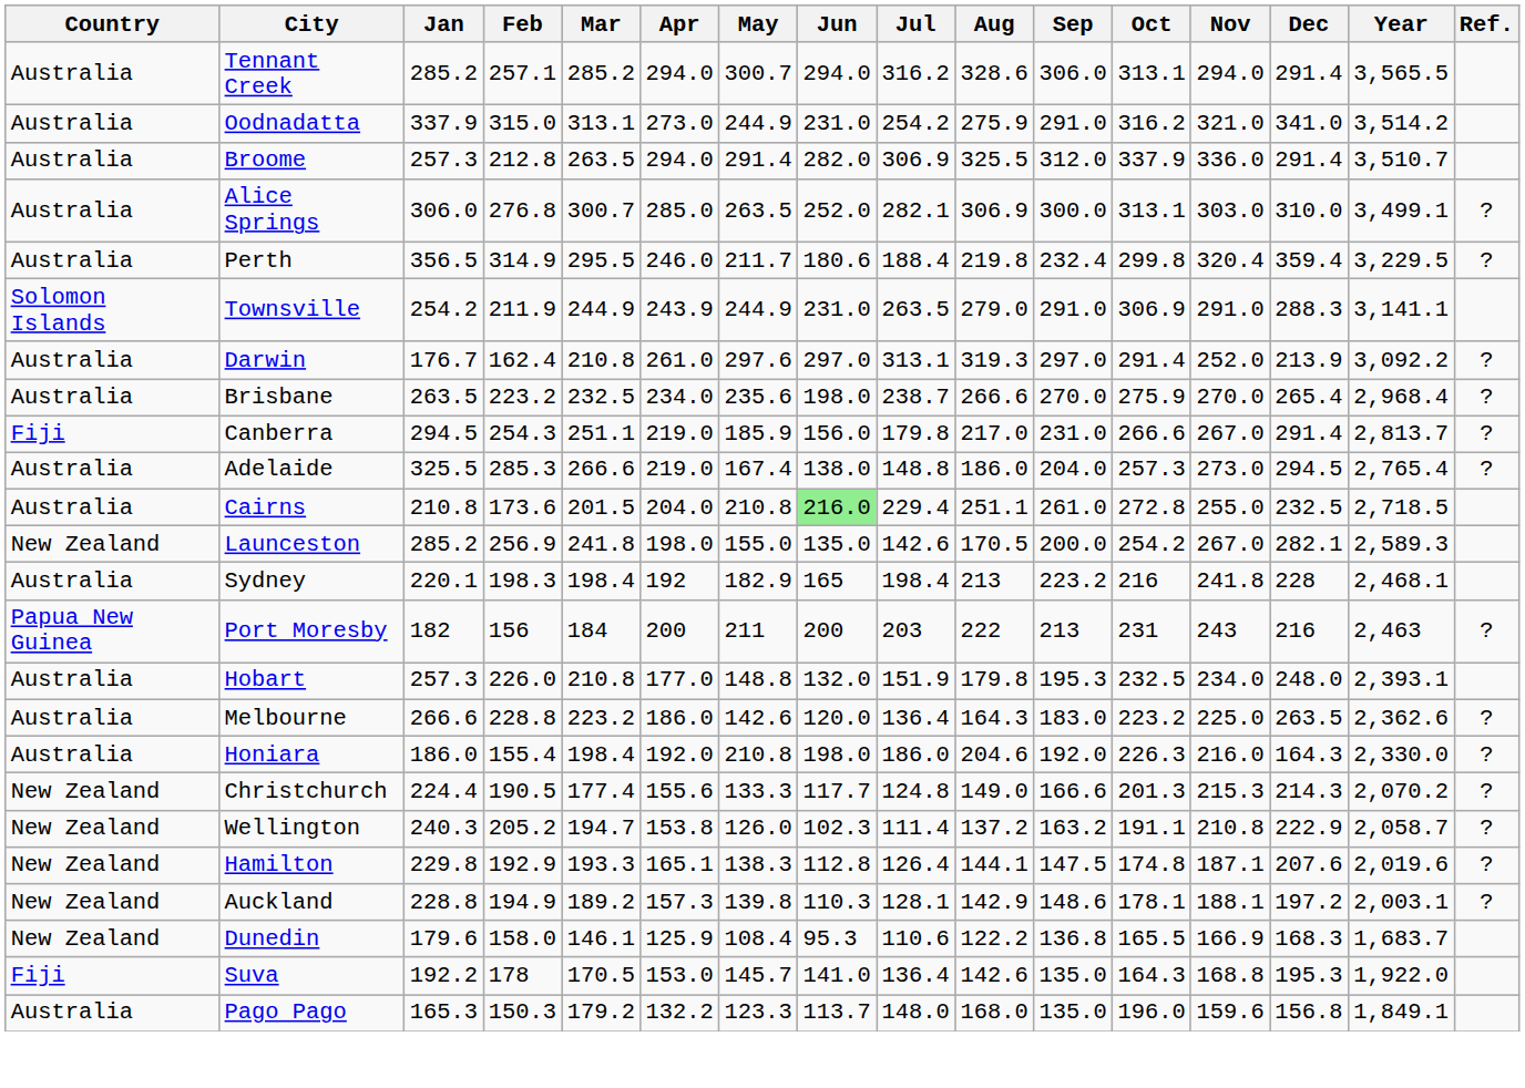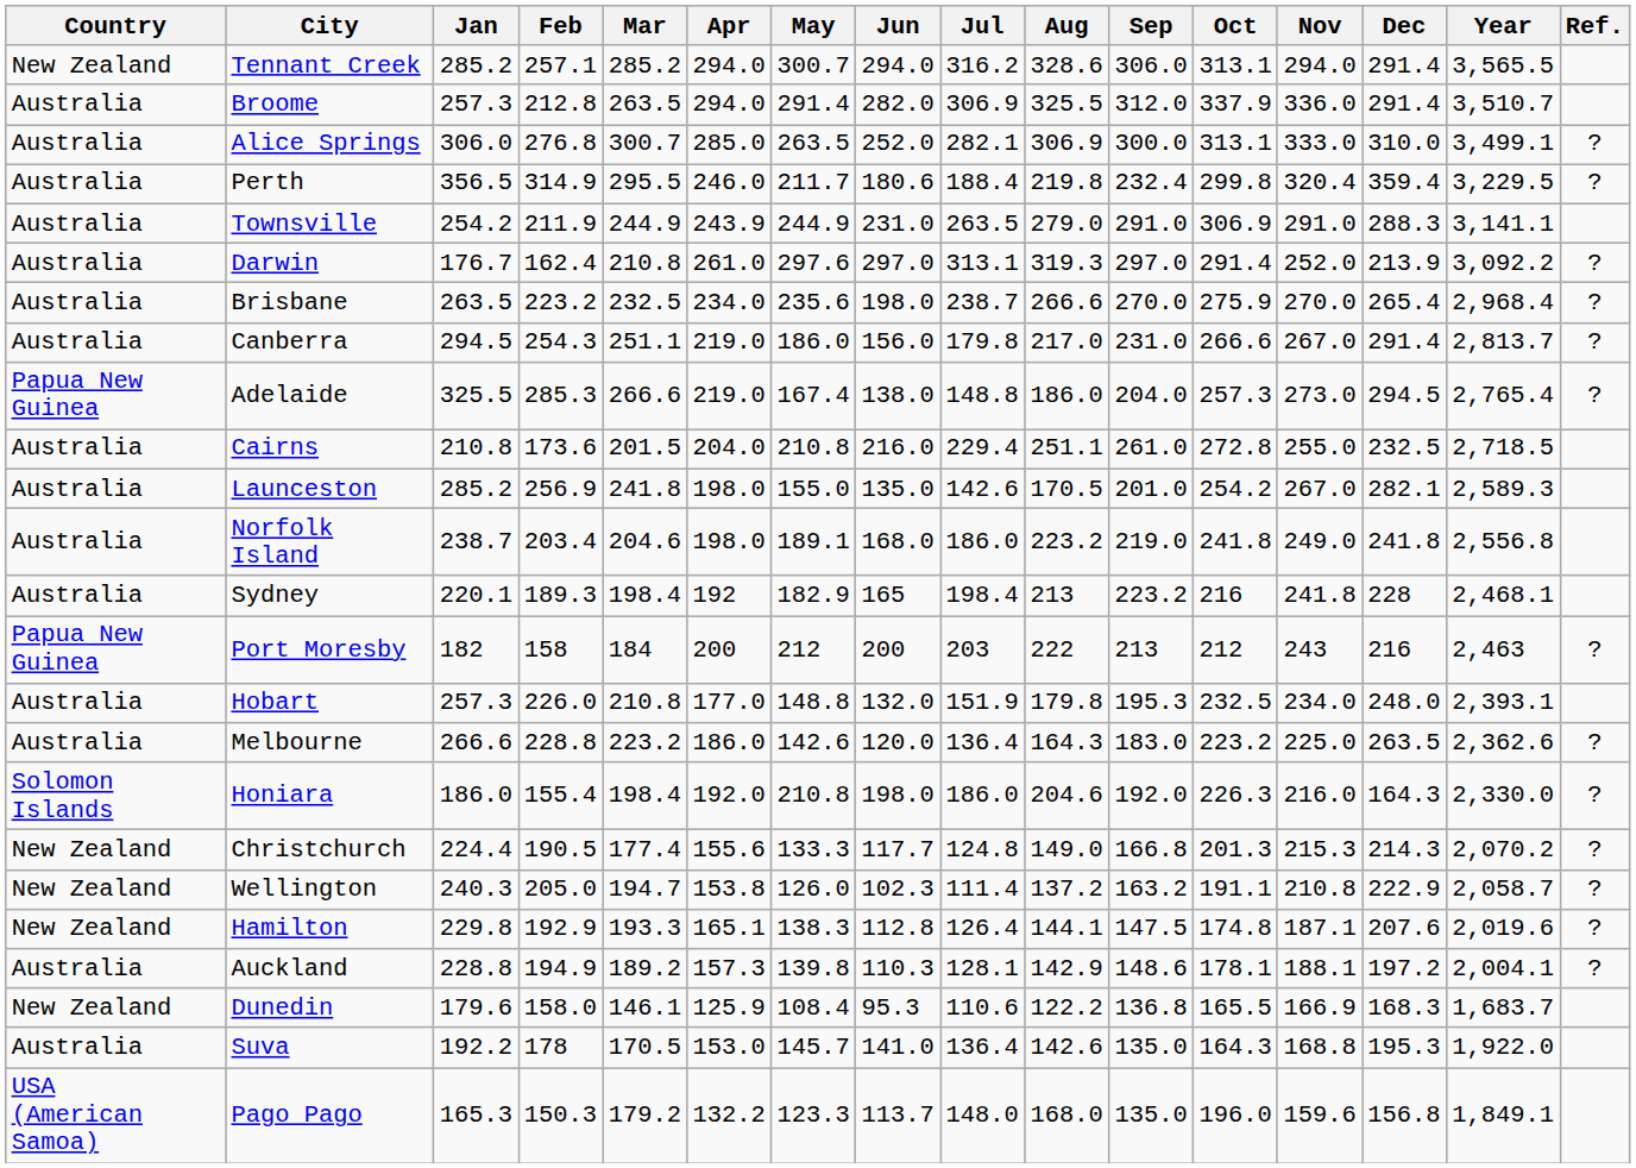 <table class="wikitable sortable sticky-header">
 <tr style="vertical-align:top">
 <th>Country</th>
 <th>City</th>
 <th>Jan</th>
 <th>Feb</th>
 <th>Mar</th>
 <th>Apr</th>
 <th>May</th>
 <th>Jun</th>
 <th>Jul</th>
 <th>Aug</th>
 <th>Sep</th>
 <th>Oct</th>
 <th>Nov</th>
 <th>Dec</th>
 <th>Year</th>
 <th>Ref.</th>
 </tr>
 <tr>
-<td style="text-align:left;">Australia</td>
+<td style="text-align:left;">New Zealand</td>
 <td style="text-align:left;"><a href='#'>Tennant Creek</a></td>
 <td>285.2</td>
 <td>257.1</td>
 <td>285.2</td>
 <td>294.0</td>
 <td>300.7</td>
 <td>294.0</td>
 <td>316.2</td>
 <td>328.6</td>
 <td>306.0</td>
 <td>313.1</td>
 <td>294.0</td>
 <td>291.4</td>
 <td>3,565.5</td>
-<td style="text-align:center;"></td>
-</tr>
-<tr>
-<td style="text-align:left;">Australia</td>
-<td style="text-align:left;"><a href='#'>Oodnadatta</a></td>
-<td>337.9</td>
-<td>315.0</td>
-<td>313.1</td>
-<td>273.0</td>
-<td>244.9</td>
-<td>231.0</td>
-<td>254.2</td>
-<td>275.9</td>
-<td>291.0</td>
-<td>316.2</td>
-<td>321.0</td>
-<td>341.0</td>
-<td>3,514.2</td>
 <td style="text-align:center;"></td>
 </tr>
 <tr>
 <td style="text-align:left;">Australia</td>
 <td style="text-align:left;"><a href='#'>Broome</a></td>
 <td>257.3</td>
 <td>212.8</td>
 <td>263.5</td>
 <td>294.0</td>
 <td>291.4</td>
 <td>282.0</td>
 <td>306.9</td>
 <td>325.5</td>
 <td>312.0</td>
 <td>337.9</td>
 <td>336.0</td>
 <td>291.4</td>
 <td>3,510.7</td>
 <td style="text-align:center;"></td>
 </tr>
 <tr>
 <td style="text-align:left;">Australia</td>
 <td style="text-align:left;"><a href='#'>Alice Springs</a></td>
 <td>306.0</td>
 <td>276.8</td>
 <td>300.7</td>
 <td>285.0</td>
 <td>263.5</td>
 <td>252.0</td>
 <td>282.1</td>
 <td>306.9</td>
 <td>300.0</td>
 <td>313.1</td>
-<td>303.0</td>
+<td>333.0</td>
 <td>310.0</td>
 <td>3,499.1</td>
 <td style="text-align:center;">?</td>
 </tr>
 <tr>
 <td style="text-align:left;">Australia</td>
 <td style="text-align:left;">Perth</td>
 <td>356.5</td>
 <td>314.9</td>
 <td>295.5</td>
 <td>246.0</td>
 <td>211.7</td>
 <td>180.6</td>
 <td>188.4</td>
 <td>219.8</td>
 <td>232.4</td>
 <td>299.8</td>
 <td>320.4</td>
 <td>359.4</td>
 <td>3,229.5</td>
 <td style="text-align:center;">?</td>
 </tr>
 <tr>
-<td style="text-align:left;"><a href='#'>Solomon Islands</a></td>
+<td style="text-align:left;">Australia</td>
 <td style="text-align:left;"><a href='#'>Townsville</a></td>
 <td>254.2</td>
 <td>211.9</td>
 <td>244.9</td>
 <td>243.9</td>
 <td>244.9</td>
 <td>231.0</td>
 <td>263.5</td>
 <td>279.0</td>
 <td>291.0</td>
 <td>306.9</td>
 <td>291.0</td>
 <td>288.3</td>
 <td>3,141.1</td>
 <td style="text-align:center;"></td>
 </tr>
 <tr>
 <td style="text-align:left;">Australia</td>
 <td style="text-align:left;"><a href='#'>Darwin</a></td>
 <td>176.7</td>
 <td>162.4</td>
 <td>210.8</td>
 <td>261.0</td>
 <td>297.6</td>
 <td>297.0</td>
 <td>313.1</td>
 <td>319.3</td>
 <td>297.0</td>
 <td>291.4</td>
 <td>252.0</td>
 <td>213.9</td>
 <td>3,092.2</td>
 <td style="text-align:center;">?</td>
 </tr>
 <tr>
 <td style="text-align:left;">Australia</td>
 <td style="text-align:left;">Brisbane</td>
 <td>263.5</td>
 <td>223.2</td>
 <td>232.5</td>
 <td>234.0</td>
 <td>235.6</td>
 <td>198.0</td>
 <td>238.7</td>
 <td>266.6</td>
 <td>270.0</td>
 <td>275.9</td>
 <td>270.0</td>
 <td>265.4</td>
 <td>2,968.4</td>
 <td style="text-align:center;">?</td>
 </tr>
 <tr>
-<td style="text-align:left;"><a href='#'>Fiji</a></td>
+<td style="text-align:left;">Australia</td>
 <td style="text-align:left;">Canberra</td>
 <td>294.5</td>
 <td>254.3</td>
 <td>251.1</td>
 <td>219.0</td>
-<td>185.9</td>
+<td>186.0</td>
 <td>156.0</td>
 <td>179.8</td>
 <td>217.0</td>
 <td>231.0</td>
 <td>266.6</td>
 <td>267.0</td>
 <td>291.4</td>
 <td>2,813.7</td>
 <td style="text-align:center;">?</td>
 </tr>
 <tr>
-<td style="text-align:left;">Australia</td>
+<td style="text-align:left;"><a href='#'>Papua New Guinea</a></td>
 <td style="text-align:left;">Adelaide</td>
 <td>325.5</td>
 <td>285.3</td>
 <td>266.6</td>
 <td>219.0</td>
 <td>167.4</td>
 <td>138.0</td>
 <td>148.8</td>
 <td>186.0</td>
 <td>204.0</td>
 <td>257.3</td>
 <td>273.0</td>
 <td>294.5</td>
 <td>2,765.4</td>
 <td style="text-align:center;">?</td>
 </tr>
 <tr>
 <td style="text-align:left;">Australia</td>
 <td style="text-align:left;"><a href='#'>Cairns</a></td>
 <td>210.8</td>
 <td>173.6</td>
 <td>201.5</td>
 <td>204.0</td>
 <td>210.8</td>
-<td style="background: lightgreen;">216.0</td>
+<td>216.0</td>
 <td>229.4</td>
 <td>251.1</td>
 <td>261.0</td>
 <td>272.8</td>
 <td>255.0</td>
 <td>232.5</td>
 <td>2,718.5</td>
 <td style="text-align:center;"></td>
 </tr>
 <tr>
-<td style="text-align:left;">New Zealand</td>
+<td style="text-align:left;">Australia</td>
 <td style="text-align:left;"><a href='#'>Launceston</a></td>
 <td>285.2</td>
 <td>256.9</td>
 <td>241.8</td>
 <td>198.0</td>
 <td>155.0</td>
 <td>135.0</td>
 <td>142.6</td>
 <td>170.5</td>
-<td>200.0</td>
+<td>201.0</td>
 <td>254.2</td>
 <td>267.0</td>
 <td>282.1</td>
 <td>2,589.3</td>
 <td style="text-align:center;"></td>
 </tr>
 <tr>
 <td style="text-align:left;">Australia</td>
+<td style="text-align:left;"><a href='#'>Norfolk Island</a></td>
+<td>238.7</td>
+<td>203.4</td>
+<td>204.6</td>
+<td>198.0</td>
+<td>189.1</td>
+<td>168.0</td>
+<td>186.0</td>
+<td>223.2</td>
+<td>219.0</td>
+<td>241.8</td>
+<td>249.0</td>
+<td>241.8</td>
+<td>2,556.8</td>
+<td style="text-align:center;"></td>
+</tr>
+<tr>
+<td style="text-align:left;">Australia</td>
 <td style="text-align:left;">Sydney</td>
 <td>220.1</td>
-<td>198.3</td>
+<td>189.3</td>
 <td>198.4</td>
 <td>192</td>
 <td>182.9</td>
 <td>165</td>
 <td>198.4</td>
 <td>213</td>
 <td>223.2</td>
 <td>216</td>
 <td>241.8</td>
 <td>228</td>
 <td>2,468.1</td>
 <td style="text-align:center;"></td>
 </tr>
 <tr>
 <td style="text-align:left;"><a href='#'>Papua New Guinea</a></td>
 <td style="text-align:left;"><a href='#'>Port Moresby</a></td>
 <td>182</td>
-<td>156</td>
+<td>158</td>
 <td>184</td>
 <td>200</td>
-<td>211</td>
+<td>212</td>
 <td>200</td>
 <td>203</td>
 <td>222</td>
 <td>213</td>
-<td>231</td>
+<td>212</td>
 <td>243</td>
 <td>216</td>
 <td>2,463</td>
 <td style="text-align:center;">?</td>
 </tr>
 <tr>
 <td style="text-align:left;">Australia</td>
 <td style="text-align:left;"><a href='#'>Hobart</a></td>
 <td>257.3</td>
 <td>226.0</td>
 <td>210.8</td>
 <td>177.0</td>
 <td>148.8</td>
 <td>132.0</td>
 <td>151.9</td>
 <td>179.8</td>
 <td>195.3</td>
 <td>232.5</td>
 <td>234.0</td>
 <td>248.0</td>
 <td>2,393.1</td>
 <td style="text-align:center;"></td>
 </tr>
 <tr>
 <td style="text-align:left;">Australia</td>
 <td style="text-align:left;">Melbourne</td>
 <td>266.6</td>
 <td>228.8</td>
 <td>223.2</td>
 <td>186.0</td>
 <td>142.6</td>
 <td>120.0</td>
 <td>136.4</td>
 <td>164.3</td>
 <td>183.0</td>
 <td>223.2</td>
 <td>225.0</td>
 <td>263.5</td>
 <td>2,362.6</td>
 <td style="text-align:center;">?</td>
 </tr>
 <tr>
-<td style="text-align:left;">Australia</td>
+<td style="text-align:left;"><a href='#'>Solomon Islands</a></td>
 <td style="text-align:left;"><a href='#'>Honiara</a></td>
 <td>186.0</td>
 <td>155.4</td>
 <td>198.4</td>
 <td>192.0</td>
 <td>210.8</td>
 <td>198.0</td>
 <td>186.0</td>
 <td>204.6</td>
 <td>192.0</td>
 <td>226.3</td>
 <td>216.0</td>
 <td>164.3</td>
 <td>2,330.0</td>
 <td style="text-align:center;">?</td>
 </tr>
 <tr>
 <td style="text-align:left;">New Zealand</td>
 <td style="text-align:left;">Christchurch</td>
 <td>224.4</td>
 <td>190.5</td>
 <td>177.4</td>
 <td>155.6</td>
 <td>133.3</td>
 <td>117.7</td>
 <td>124.8</td>
 <td>149.0</td>
-<td>166.6</td>
+<td>166.8</td>
 <td>201.3</td>
 <td>215.3</td>
 <td>214.3</td>
 <td>2,070.2</td>
 <td style="text-align:center;">?</td>
 </tr>
 <tr>
 <td style="text-align:left;">New Zealand</td>
 <td style="text-align:left;">Wellington</td>
 <td>240.3</td>
-<td>205.2</td>
+<td>205.0</td>
 <td>194.7</td>
 <td>153.8</td>
 <td>126.0</td>
 <td>102.3</td>
 <td>111.4</td>
 <td>137.2</td>
 <td>163.2</td>
 <td>191.1</td>
 <td>210.8</td>
 <td>222.9</td>
 <td>2,058.7</td>
 <td style="text-align:center;">?</td>
 </tr>
 <tr>
 <td style="text-align:left;">New Zealand</td>
 <td style="text-align:left;"><a href='#'>Hamilton</a></td>
 <td>229.8</td>
 <td>192.9</td>
 <td>193.3</td>
 <td>165.1</td>
 <td>138.3</td>
 <td>112.8</td>
 <td>126.4</td>
 <td>144.1</td>
 <td>147.5</td>
 <td>174.8</td>
 <td>187.1</td>
 <td>207.6</td>
 <td>2,019.6</td>
 <td style="text-align:center;">?</td>
 </tr>
 <tr>
-<td style="text-align:left;">New Zealand</td>
+<td style="text-align:left;">Australia</td>
 <td style="text-align:left;">Auckland</td>
 <td>228.8</td>
 <td>194.9</td>
 <td>189.2</td>
 <td>157.3</td>
 <td>139.8</td>
 <td>110.3</td>
 <td>128.1</td>
 <td>142.9</td>
 <td>148.6</td>
 <td>178.1</td>
 <td>188.1</td>
 <td>197.2</td>
-<td>2,003.1</td>
+<td>2,004.1</td>
 <td style="text-align:center;">?</td>
 </tr>
 <tr>
 <td style="text-align:left;">New Zealand</td>
 <td style="text-align:left;"><a href='#'>Dunedin</a></td>
 <td>179.6</td>
 <td>158.0</td>
 <td>146.1</td>
 <td>125.9</td>
 <td>108.4</td>
 <td>95.3</td>
 <td>110.6</td>
 <td>122.2</td>
 <td>136.8</td>
 <td>165.5</td>
 <td>166.9</td>
 <td>168.3</td>
 <td>1,683.7</td>
 <td style="text-align:center;"></td>
 </tr>
 <tr>
-<td style="text-align:left;"><a href='#'>Fiji</a></td>
+<td style="text-align:left;">Australia</td>
 <td style="text-align:left;"><a href='#'>Suva</a></td>
 <td>192.2</td>
 <td>178</td>
 <td>170.5</td>
 <td>153.0</td>
 <td>145.7</td>
 <td>141.0</td>
 <td>136.4</td>
 <td>142.6</td>
 <td>135.0</td>
 <td>164.3</td>
 <td>168.8</td>
 <td>195.3</td>
 <td>1,922.0</td>
 <td style="text-align:center;"></td>
 </tr>
 <tr>
-<td style="text-align:left;">Australia</td>
+<td style="text-align:left;"><a href='#'>USA<br>(American Samoa)</a></td>
 <td style="text-align:left;"><a href='#'>Pago Pago</a></td>
 <td>165.3</td>
 <td>150.3</td>
 <td>179.2</td>
 <td>132.2</td>
 <td>123.3</td>
 <td>113.7</td>
 <td>148.0</td>
 <td>168.0</td>
 <td>135.0</td>
 <td>196.0</td>
 <td>159.6</td>
 <td>156.8</td>
 <td>1,849.1</td>
 <td style="text-align:center;"></td>
 </tr>
 </table>
